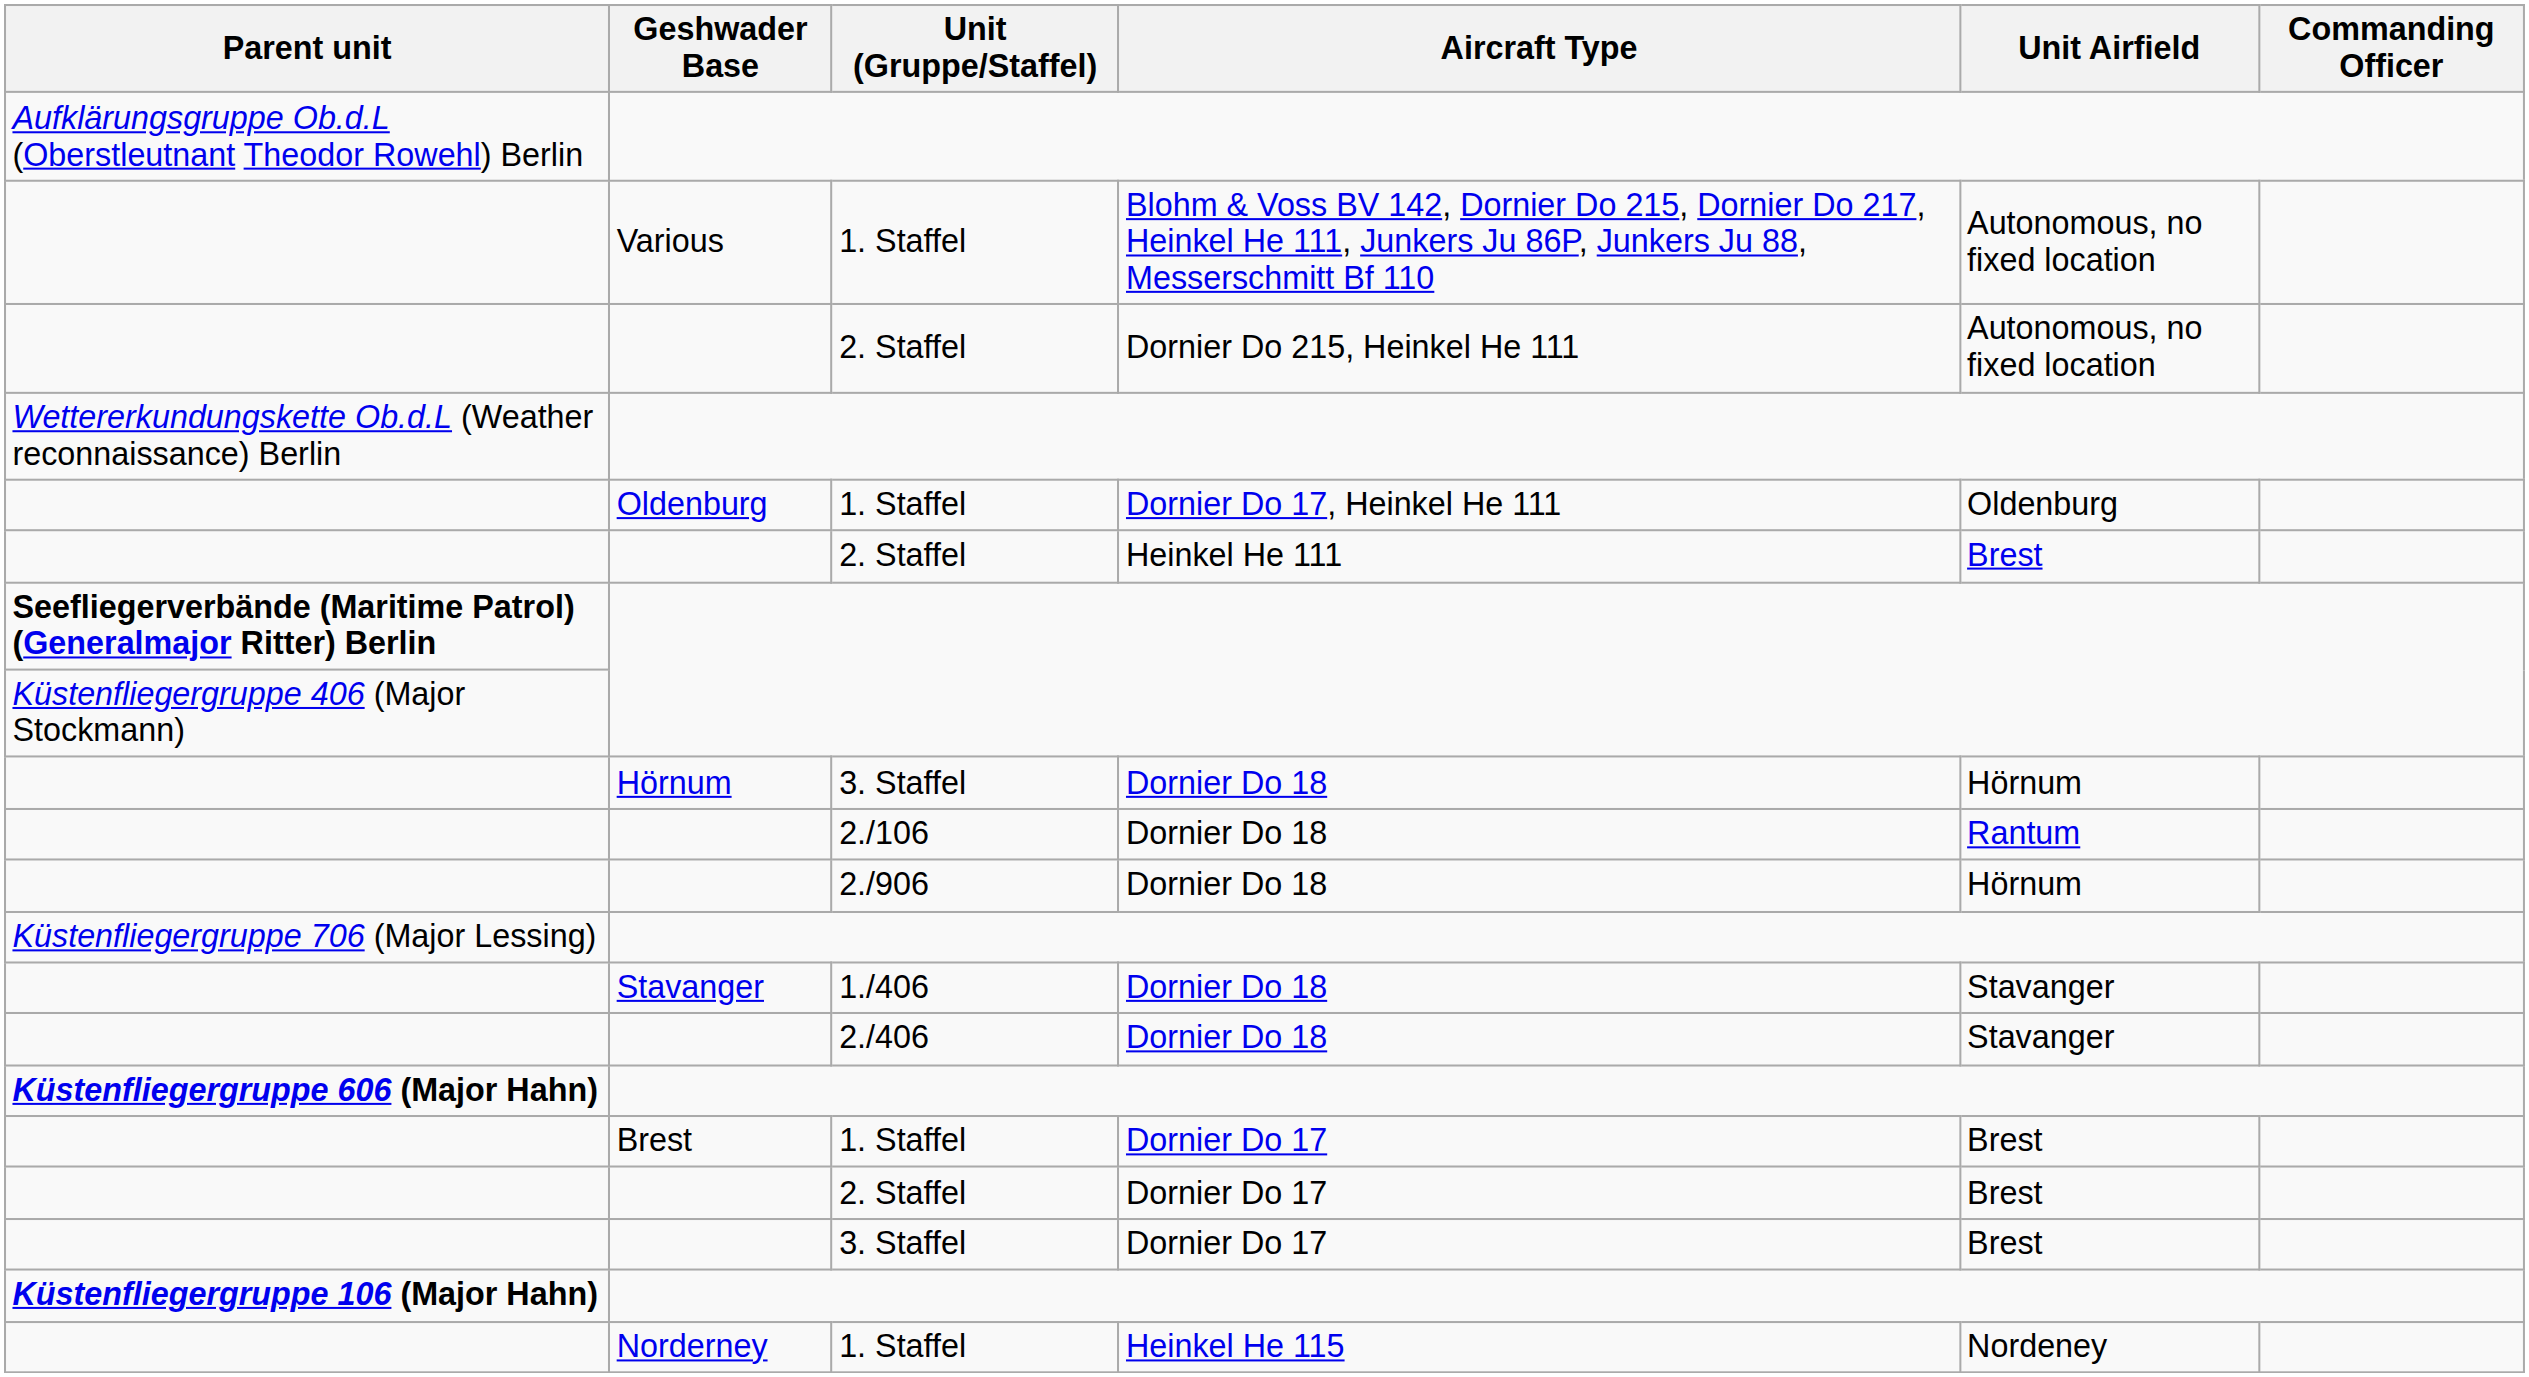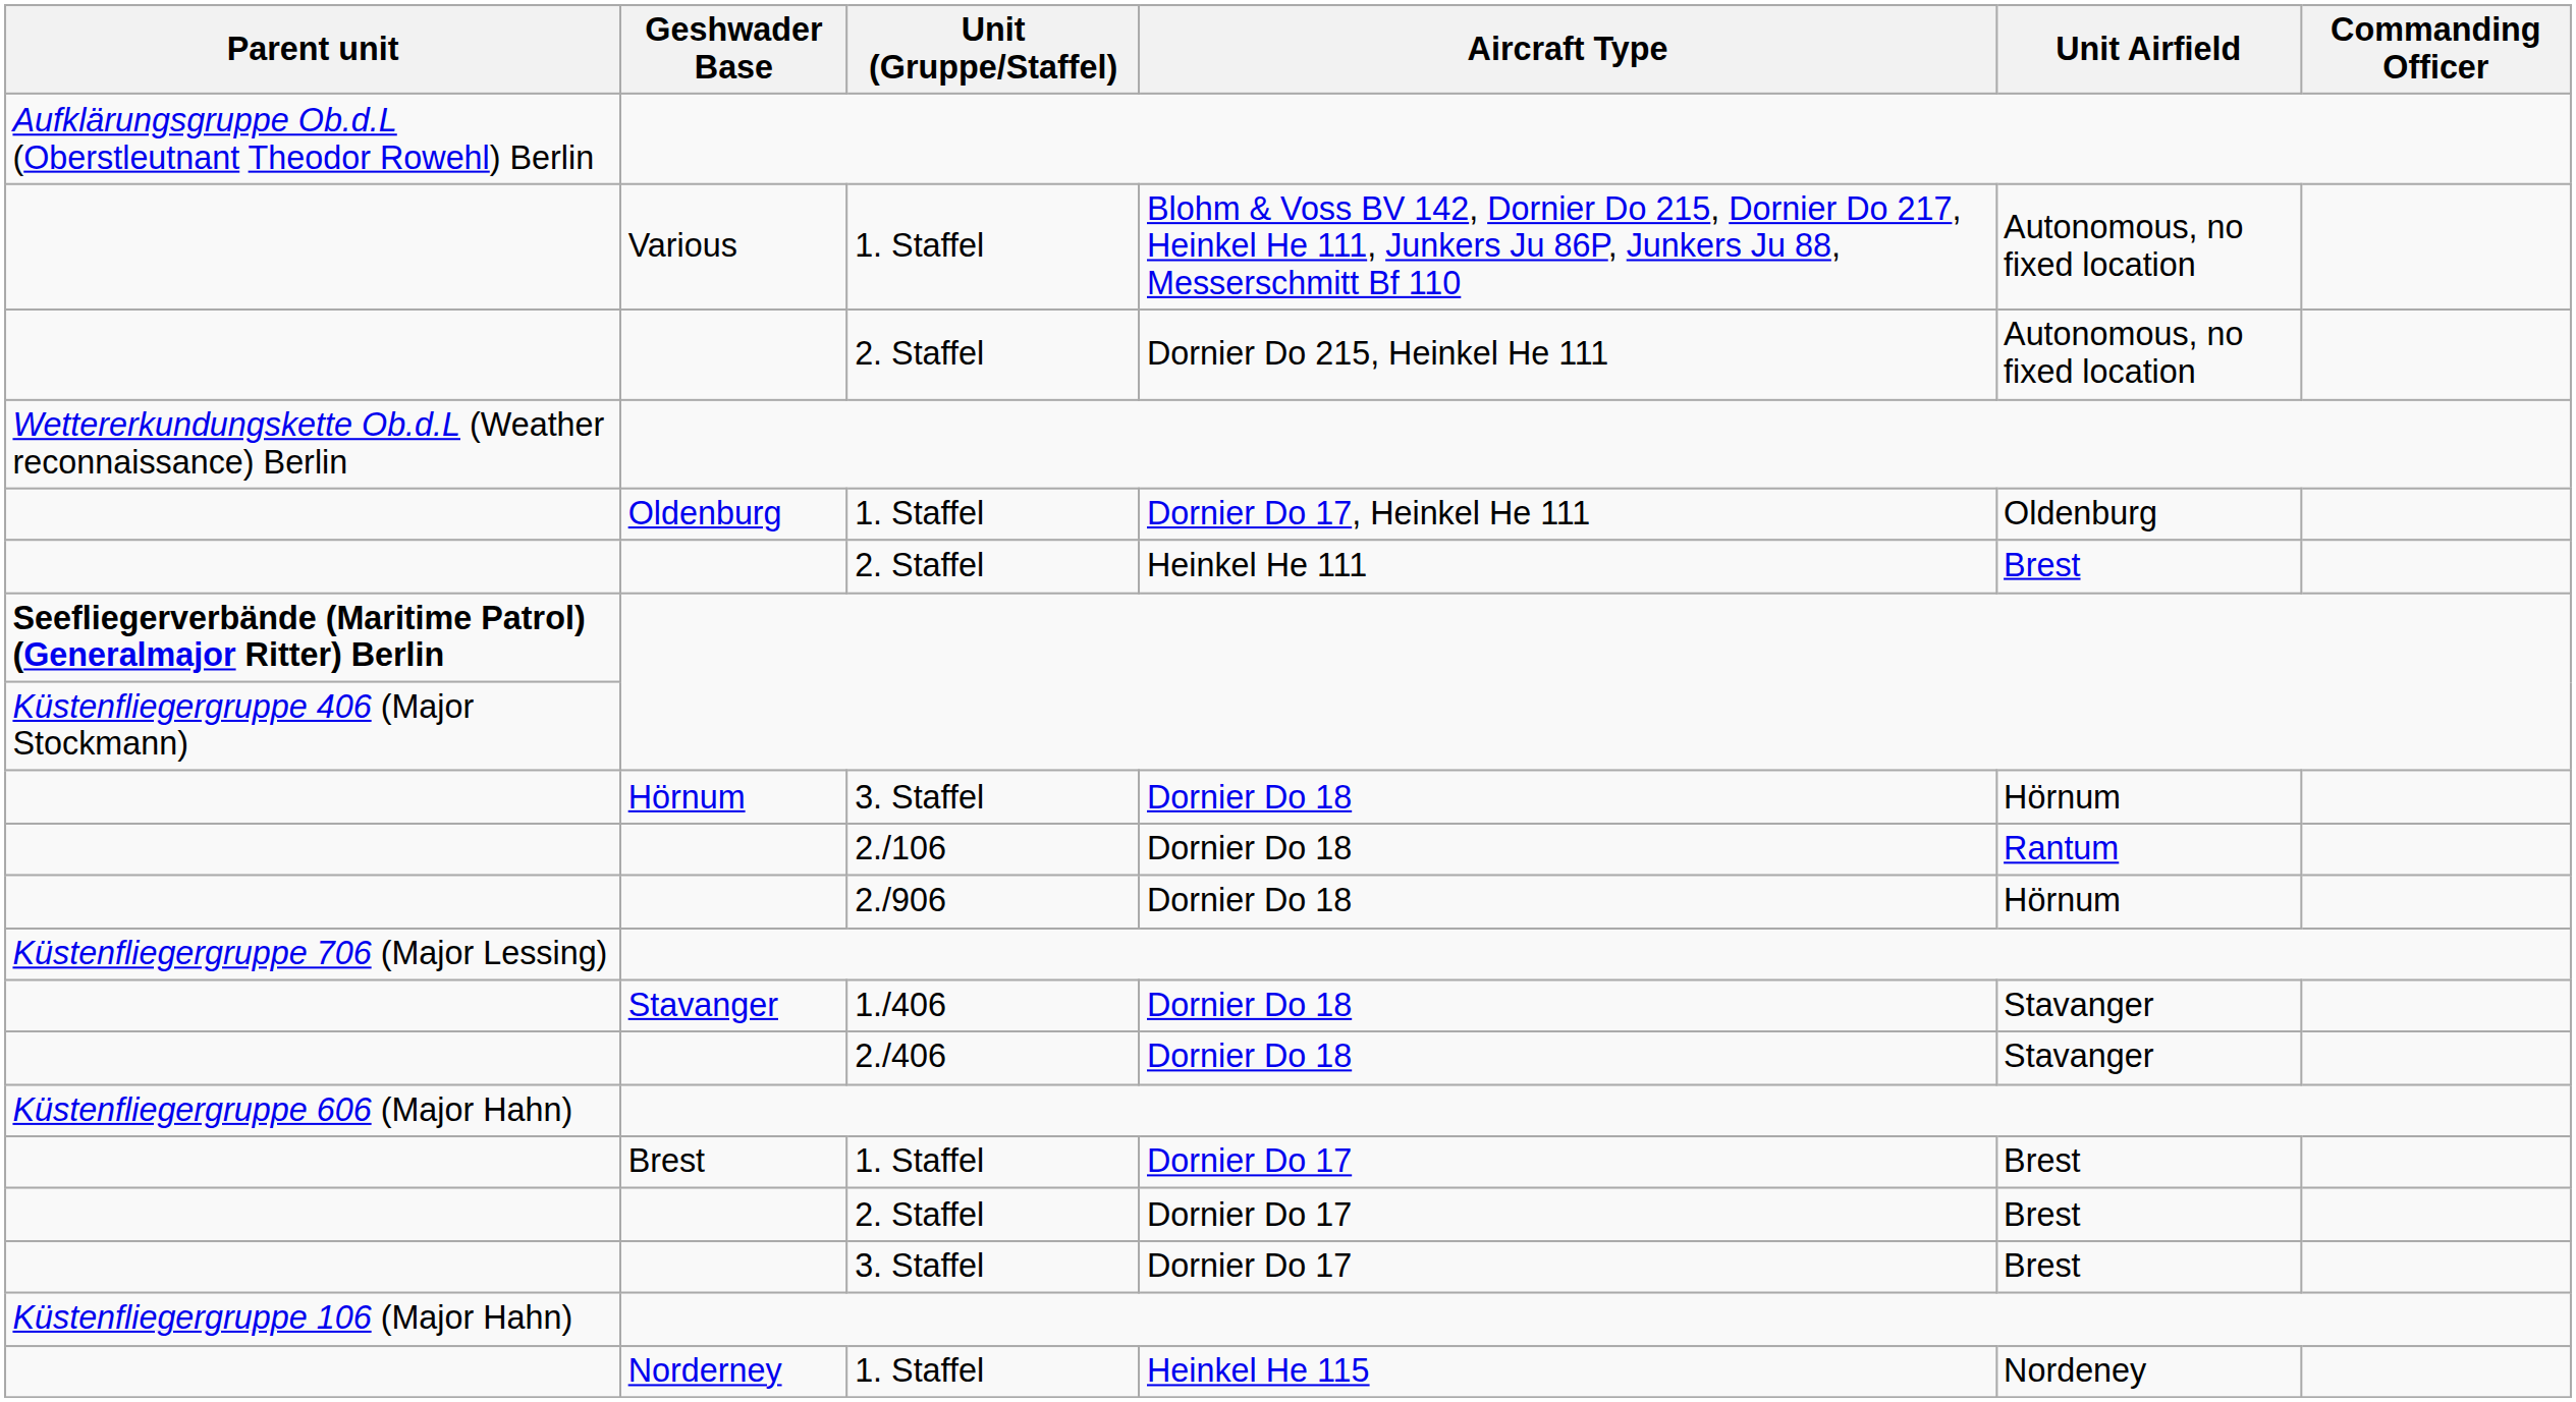 <table class="wikitable">
 <tr>
 <th>Parent unit</th>
 <th>Geshwader Base</th>
 <th>Unit (Gruppe/Staffel)</th>
 <th>Aircraft Type</th>
 <th>Unit Airfield</th>
 <th>Commanding Officer</th>
 </tr>
 <tr>
 <td><em><a href='#'>Aufklärungsgruppe Ob.d.L</a></em> (<a href='#'>Oberstleutnant</a> <a href='#'>Theodor Rowehl</a>) Berlin</td>
 </tr>
 <tr>
 <td></td>
 <td>Various</td>
 <td>1. Staffel</td>
 <td><a href='#'>Blohm & Voss BV 142</a>, <a href='#'>Dornier Do 215</a>, <a href='#'>Dornier Do 217</a>, <a href='#'>Heinkel He 111</a>, <a href='#'>Junkers Ju 86P</a>, <a href='#'>Junkers Ju 88</a>, <a href='#'>Messerschmitt Bf 110</a></td>
 <td>Autonomous, no fixed location</td>
 <td></td>
 </tr>
 <tr>
 <td></td>
 <td></td>
 <td>2. Staffel</td>
 <td>Dornier Do 215, Heinkel He 111</td>
 <td>Autonomous, no fixed location</td>
 <td></td>
 </tr>
 <tr>
 <td><em><a href='#'>Wettererkundungskette Ob.d.L</a></em> (Weather reconnaissance) Berlin</td>
 </tr>
 <tr>
 <td></td>
 <td><a href='#'>Oldenburg</a></td>
 <td>1. Staffel</td>
 <td><a href='#'>Dornier Do 17</a>, Heinkel He 111</td>
 <td>Oldenburg</td>
 <td></td>
 </tr>
 <tr>
 <td></td>
 <td></td>
 <td>2. Staffel</td>
 <td>Heinkel He 111</td>
 <td><a href='#'>Brest</a></td>
 <td></td>
 </tr>
 <tr>
 <td><strong>Seefliegerverbände (Maritime Patrol) (<a href='#'>Generalmajor</a> Ritter) Berlin</strong></td>
 </tr>
 <tr>
 <td><em><a href='#'>Küstenfliegergruppe 406</a></em> (Major Stockmann)</td>
 </tr>
 <tr>
 <td></td>
 <td><a href='#'>Hörnum</a></td>
 <td>3. Staffel</td>
 <td><a href='#'>Dornier Do 18</a></td>
 <td>Hörnum</td>
 <td></td>
 </tr>
 <tr>
 <td></td>
 <td></td>
 <td>2./106</td>
 <td>Dornier Do 18</td>
 <td><a href='#'>Rantum</a></td>
 <td></td>
 </tr>
 <tr>
 <td></td>
 <td></td>
 <td>2./906</td>
 <td>Dornier Do 18</td>
 <td>Hörnum</td>
 <td></td>
 </tr>
 <tr>
 <td><em><a href='#'>Küstenfliegergruppe 706</a></em> (Major Lessing)</td>
 </tr>
 <tr>
 <td></td>
 <td><a href='#'>Stavanger</a></td>
 <td>1./406</td>
 <td><a href='#'>Dornier Do 18</a></td>
 <td>Stavanger</td>
 <td></td>
 </tr>
 <tr>
 <td></td>
 <td></td>
 <td>2./406</td>
 <td><a href='#'>Dornier Do 18</a></td>
 <td>Stavanger</td>
 <td></td>
 </tr>
 <tr>
-<td><strong><em><a href='#'>Küstenfliegergruppe 606</a></em> (Major Hahn)</strong></td>
+<td><em><a href='#'>Küstenfliegergruppe 606</a></em> (Major Hahn)</td>
 </tr>
 <tr>
 <td></td>
 <td>Brest</td>
 <td>1. Staffel</td>
 <td><a href='#'>Dornier Do 17</a></td>
 <td>Brest</td>
 <td></td>
 </tr>
 <tr>
 <td></td>
 <td></td>
 <td>2. Staffel</td>
 <td>Dornier Do 17</td>
 <td>Brest</td>
 <td></td>
 </tr>
 <tr>
 <td></td>
 <td></td>
 <td>3. Staffel</td>
 <td>Dornier Do 17</td>
 <td>Brest</td>
 <td></td>
 </tr>
 <tr>
-<td><strong><em><a href='#'>Küstenfliegergruppe 106</a></em> (Major Hahn)</strong></td>
+<td><em><a href='#'>Küstenfliegergruppe 106</a></em> (Major Hahn)</td>
 </tr>
 <tr>
 <td></td>
 <td><a href='#'>Norderney</a></td>
 <td>1. Staffel</td>
 <td><a href='#'>Heinkel He 115</a></td>
 <td>Nordeney</td>
 <td></td>
 </tr>
 <tr>
 </tr>
 </table>
